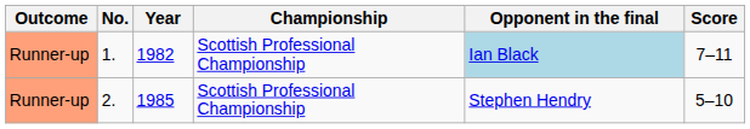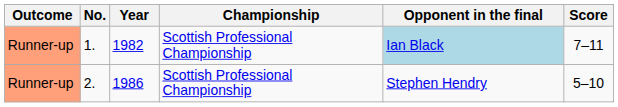 <table class="wikitable sortable">
 <tr>
 <th scope="col" style="width:80px;">Outcome</th>
 <th scope="col" style="width:20px;">No.</th>
 <th scope="col" style="width:50px;">Year</th>
 <th scope="col" style="width:250px;">Championship</th>
 <th scope="col" style="width:200px;">Opponent in the final</th>
 <th scope="col" style="width:50px;">Score</th>
 </tr>
 <tr>
 <td style="background:#ffa07a">Runner-up</td>
 <td>1.</td>
 <td><a href='#'>1982</a></td>
 <td><a href='#'>Scottish Professional Championship</a></td>
 <td style="background: lightblue;"><a href='#'>Ian Black</a></td>
 <td align="center">7–11</td>
 </tr>
 <tr>
 <td style="background:#ffa07a">Runner-up</td>
 <td>2.</td>
-<td><a href='#'>1985</a></td>
+<td><a href='#'>1986</a></td>
 <td><a href='#'>Scottish Professional Championship</a></td>
 <td><a href='#'>Stephen Hendry</a></td>
 <td align="center">5–10</td>
 </tr>
 </table>
